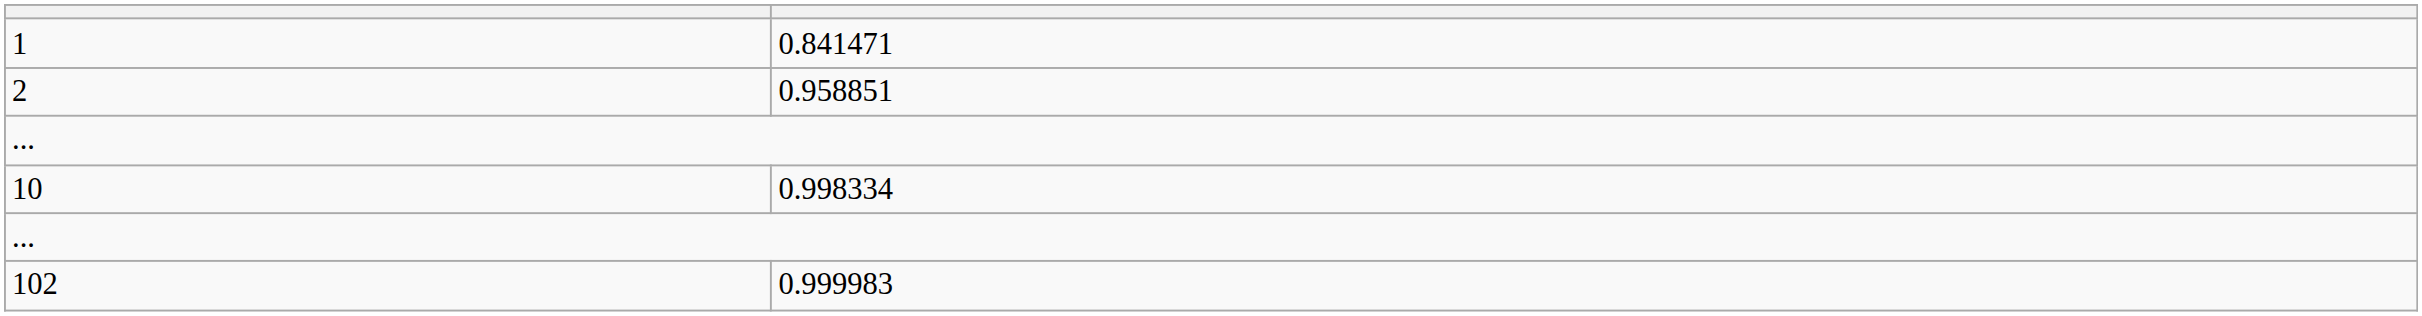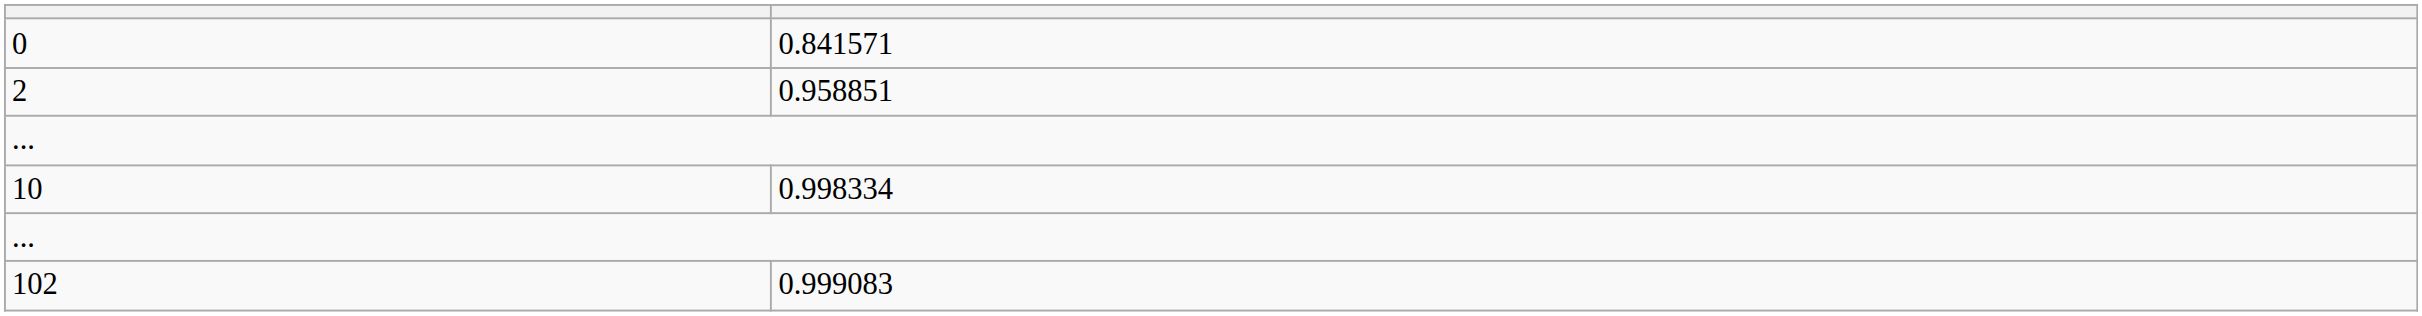 <table class="wikitable" style="width:100%;">
 <tr>
 <th></th>
 <th></th>
 </tr>
 <tr>
-<td>1</td>
-<td>0.841471</td>
+<td>0</td>
+<td>0.841571</td>
 </tr>
 <tr>
 <td>2</td>
 <td>0.958851</td>
 </tr>
 <tr>
 <td colspan="2">...</td>
 </tr>
 <tr>
 <td>10</td>
 <td>0.998334</td>
 </tr>
 <tr>
 <td colspan="2">...</td>
 </tr>
 <tr>
 <td>102</td>
-<td>0.999983</td>
+<td>0.999083</td>
 </tr>
 </table>
